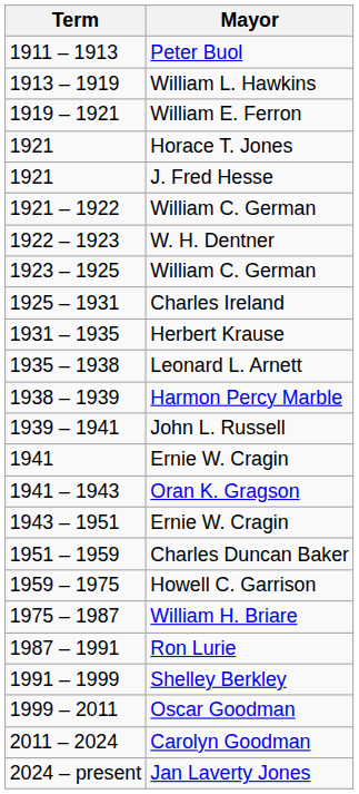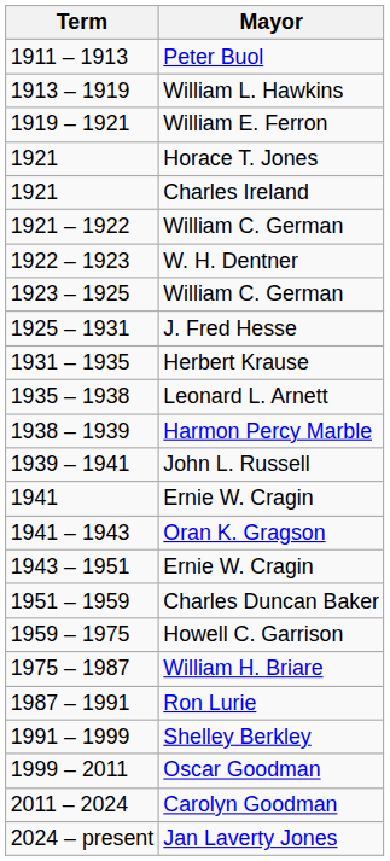 <table class=wikitable>
 <tr>
 <th>Term</th>
 <th>Mayor</th>
 </tr>
 <tr>
 <td>1911 – 1913</td>
 <td><a href='#'>Peter Buol</a></td>
 </tr>
 <tr>
 <td>1913 – 1919</td>
 <td>William L. Hawkins</td>
 </tr>
 <tr>
 <td>1919 – 1921</td>
 <td>William E. Ferron</td>
 </tr>
 <tr>
 <td>1921</td>
 <td>Horace T. Jones</td>
 </tr>
 <tr>
 <td>1921</td>
-<td>J. Fred Hesse</td>
+<td>Charles Ireland</td>
 </tr>
 <tr>
 <td>1921 – 1922</td>
 <td>William C. German</td>
 </tr>
 <tr>
 <td>1922 – 1923</td>
 <td>W. H. Dentner</td>
 </tr>
 <tr>
 <td>1923 – 1925</td>
 <td>William C. German</td>
 </tr>
 <tr>
 <td>1925 – 1931</td>
-<td>Charles Ireland</td>
+<td>J. Fred Hesse</td>
 </tr>
 <tr>
 <td>1931 – 1935</td>
 <td>Herbert Krause</td>
 </tr>
 <tr>
 <td>1935 – 1938</td>
 <td>Leonard L. Arnett</td>
 </tr>
 <tr>
 <td>1938 – 1939</td>
 <td><a href='#'>Harmon Percy Marble</a></td>
 </tr>
 <tr>
 <td>1939 – 1941</td>
 <td>John L. Russell</td>
 </tr>
 <tr>
 <td>1941</td>
 <td>Ernie W. Cragin</td>
 </tr>
 <tr>
 <td>1941 – 1943</td>
 <td><a href='#'>Oran K. Gragson</a></td>
 </tr>
 <tr>
 <td>1943 – 1951</td>
 <td>Ernie W. Cragin</td>
 </tr>
 <tr>
 <td>1951 – 1959</td>
 <td>Charles Duncan Baker</td>
 </tr>
 <tr>
 <td>1959 – 1975</td>
 <td>Howell C. Garrison</td>
 </tr>
 <tr>
 <td>1975 – 1987</td>
 <td><a href='#'>William H. Briare</a></td>
 </tr>
 <tr>
 <td>1987 – 1991</td>
 <td><a href='#'>Ron Lurie</a></td>
 </tr>
 <tr>
 <td>1991 – 1999</td>
 <td><a href='#'>Shelley Berkley</a></td>
 </tr>
 <tr>
 <td>1999 – 2011</td>
 <td><a href='#'>Oscar Goodman</a></td>
 </tr>
 <tr>
 <td>2011 – 2024</td>
 <td><a href='#'>Carolyn Goodman</a></td>
 </tr>
 <tr>
 <td>2024 – present</td>
 <td><a href='#'>Jan Laverty Jones</a></td>
 </tr>
 </table>
